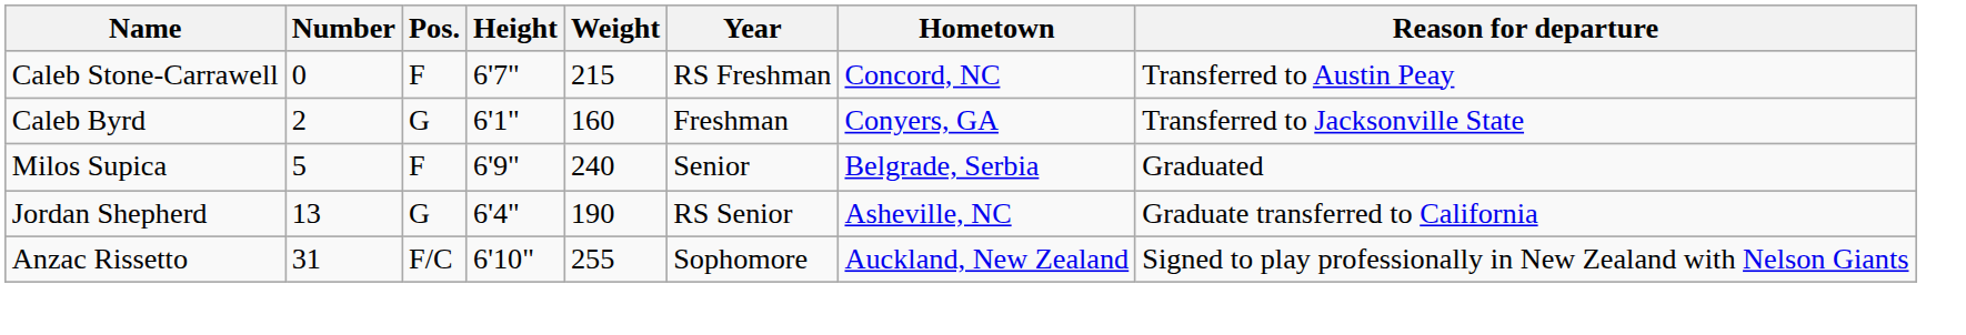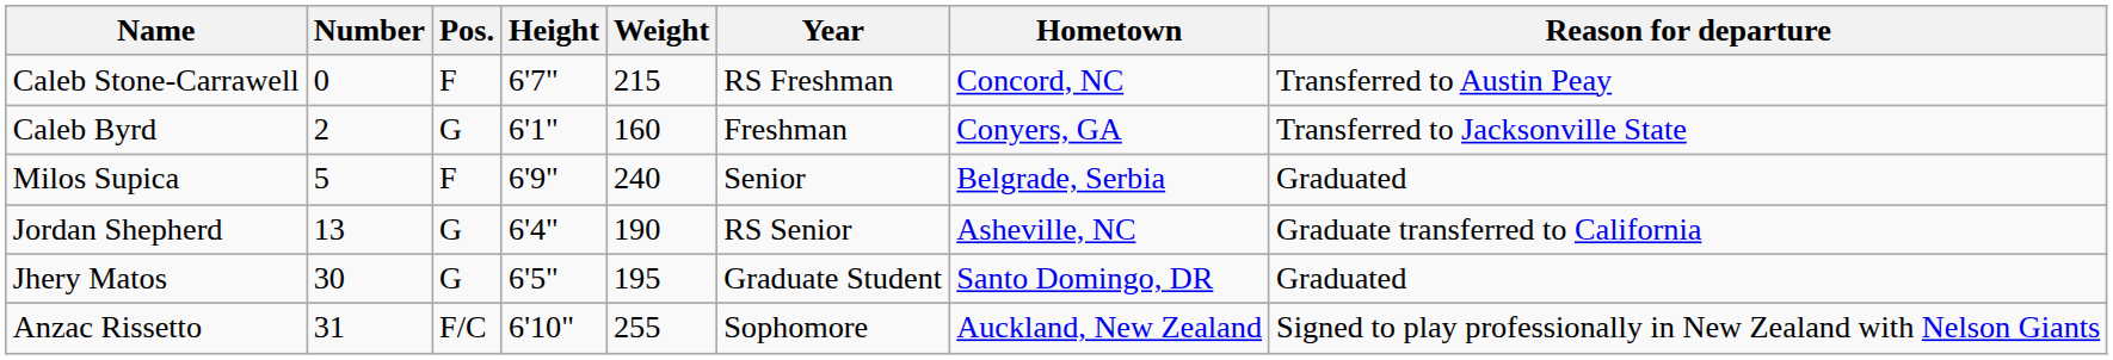 <table class="wikitable sortable" border="1">
 <tr>
 <th>Name</th>
 <th>Number</th>
 <th>Pos.</th>
 <th>Height</th>
 <th>Weight</th>
 <th>Year</th>
 <th>Hometown</th>
 <th>Reason for departure</th>
 </tr>
 <tr>
 <td>Caleb Stone-Carrawell</td>
 <td>0</td>
 <td>F</td>
 <td>6'7"</td>
 <td>215</td>
 <td>RS Freshman</td>
 <td><a href='#'>Concord, NC</a></td>
 <td>Transferred to <a href='#'>Austin Peay</a></td>
 </tr>
 <tr>
 <td>Caleb Byrd</td>
 <td>2</td>
 <td>G</td>
 <td>6'1"</td>
 <td>160</td>
 <td>Freshman</td>
 <td><a href='#'>Conyers, GA</a></td>
 <td>Transferred to <a href='#'>Jacksonville State</a></td>
 </tr>
 <tr>
 <td>Milos Supica</td>
 <td>5</td>
 <td>F</td>
 <td>6'9"</td>
 <td>240</td>
 <td>Senior</td>
 <td><a href='#'>Belgrade, Serbia</a></td>
 <td>Graduated</td>
 </tr>
 <tr>
 <td>Jordan Shepherd</td>
 <td>13</td>
 <td>G</td>
 <td>6'4"</td>
 <td>190</td>
 <td>RS Senior</td>
 <td><a href='#'>Asheville, NC</a></td>
 <td>Graduate transferred to <a href='#'>California</a></td>
 </tr>
 <tr>
+<td>Jhery Matos</td>
+<td>30</td>
+<td>G</td>
+<td>6'5"</td>
+<td>195</td>
+<td>Graduate Student</td>
+<td><a href='#'>Santo Domingo, DR</a></td>
+<td>Graduated</td>
+</tr>
+<tr>
 <td>Anzac Rissetto</td>
 <td>31</td>
 <td>F/C</td>
 <td>6'10"</td>
 <td>255</td>
 <td>Sophomore</td>
 <td><a href='#'>Auckland, New Zealand</a></td>
 <td>Signed to play professionally in New Zealand with <a href='#'>Nelson Giants</a></td>
 </tr>
 </table>
